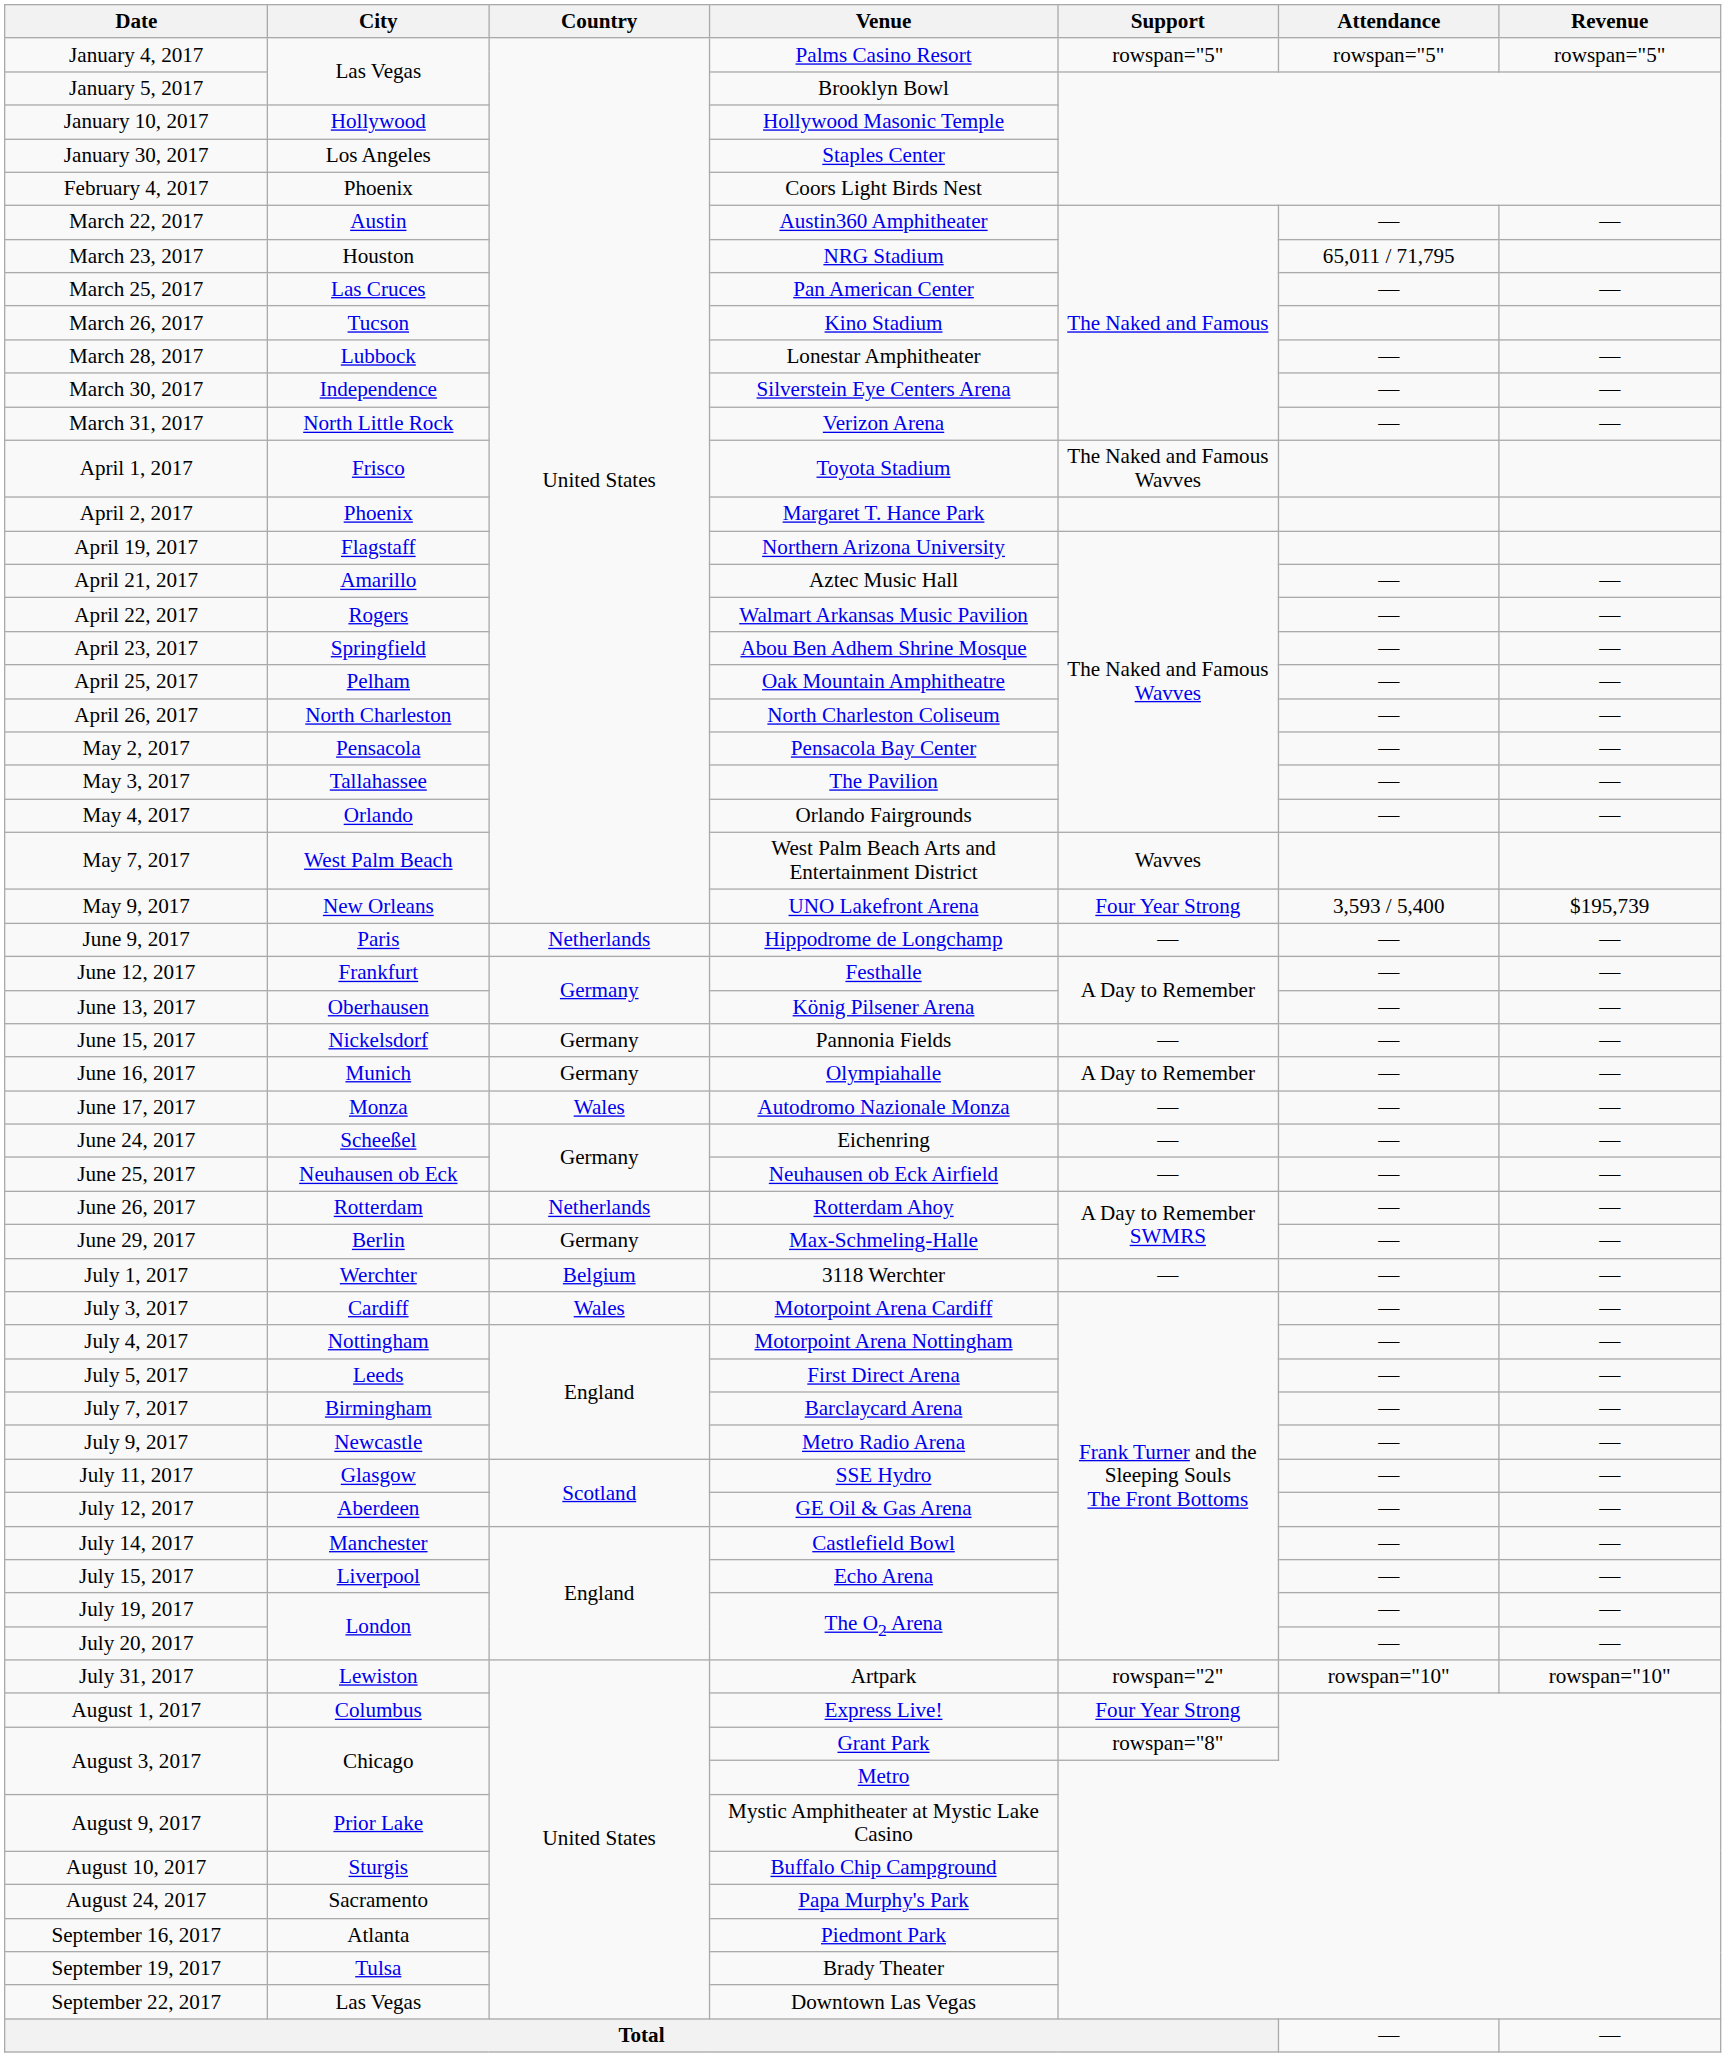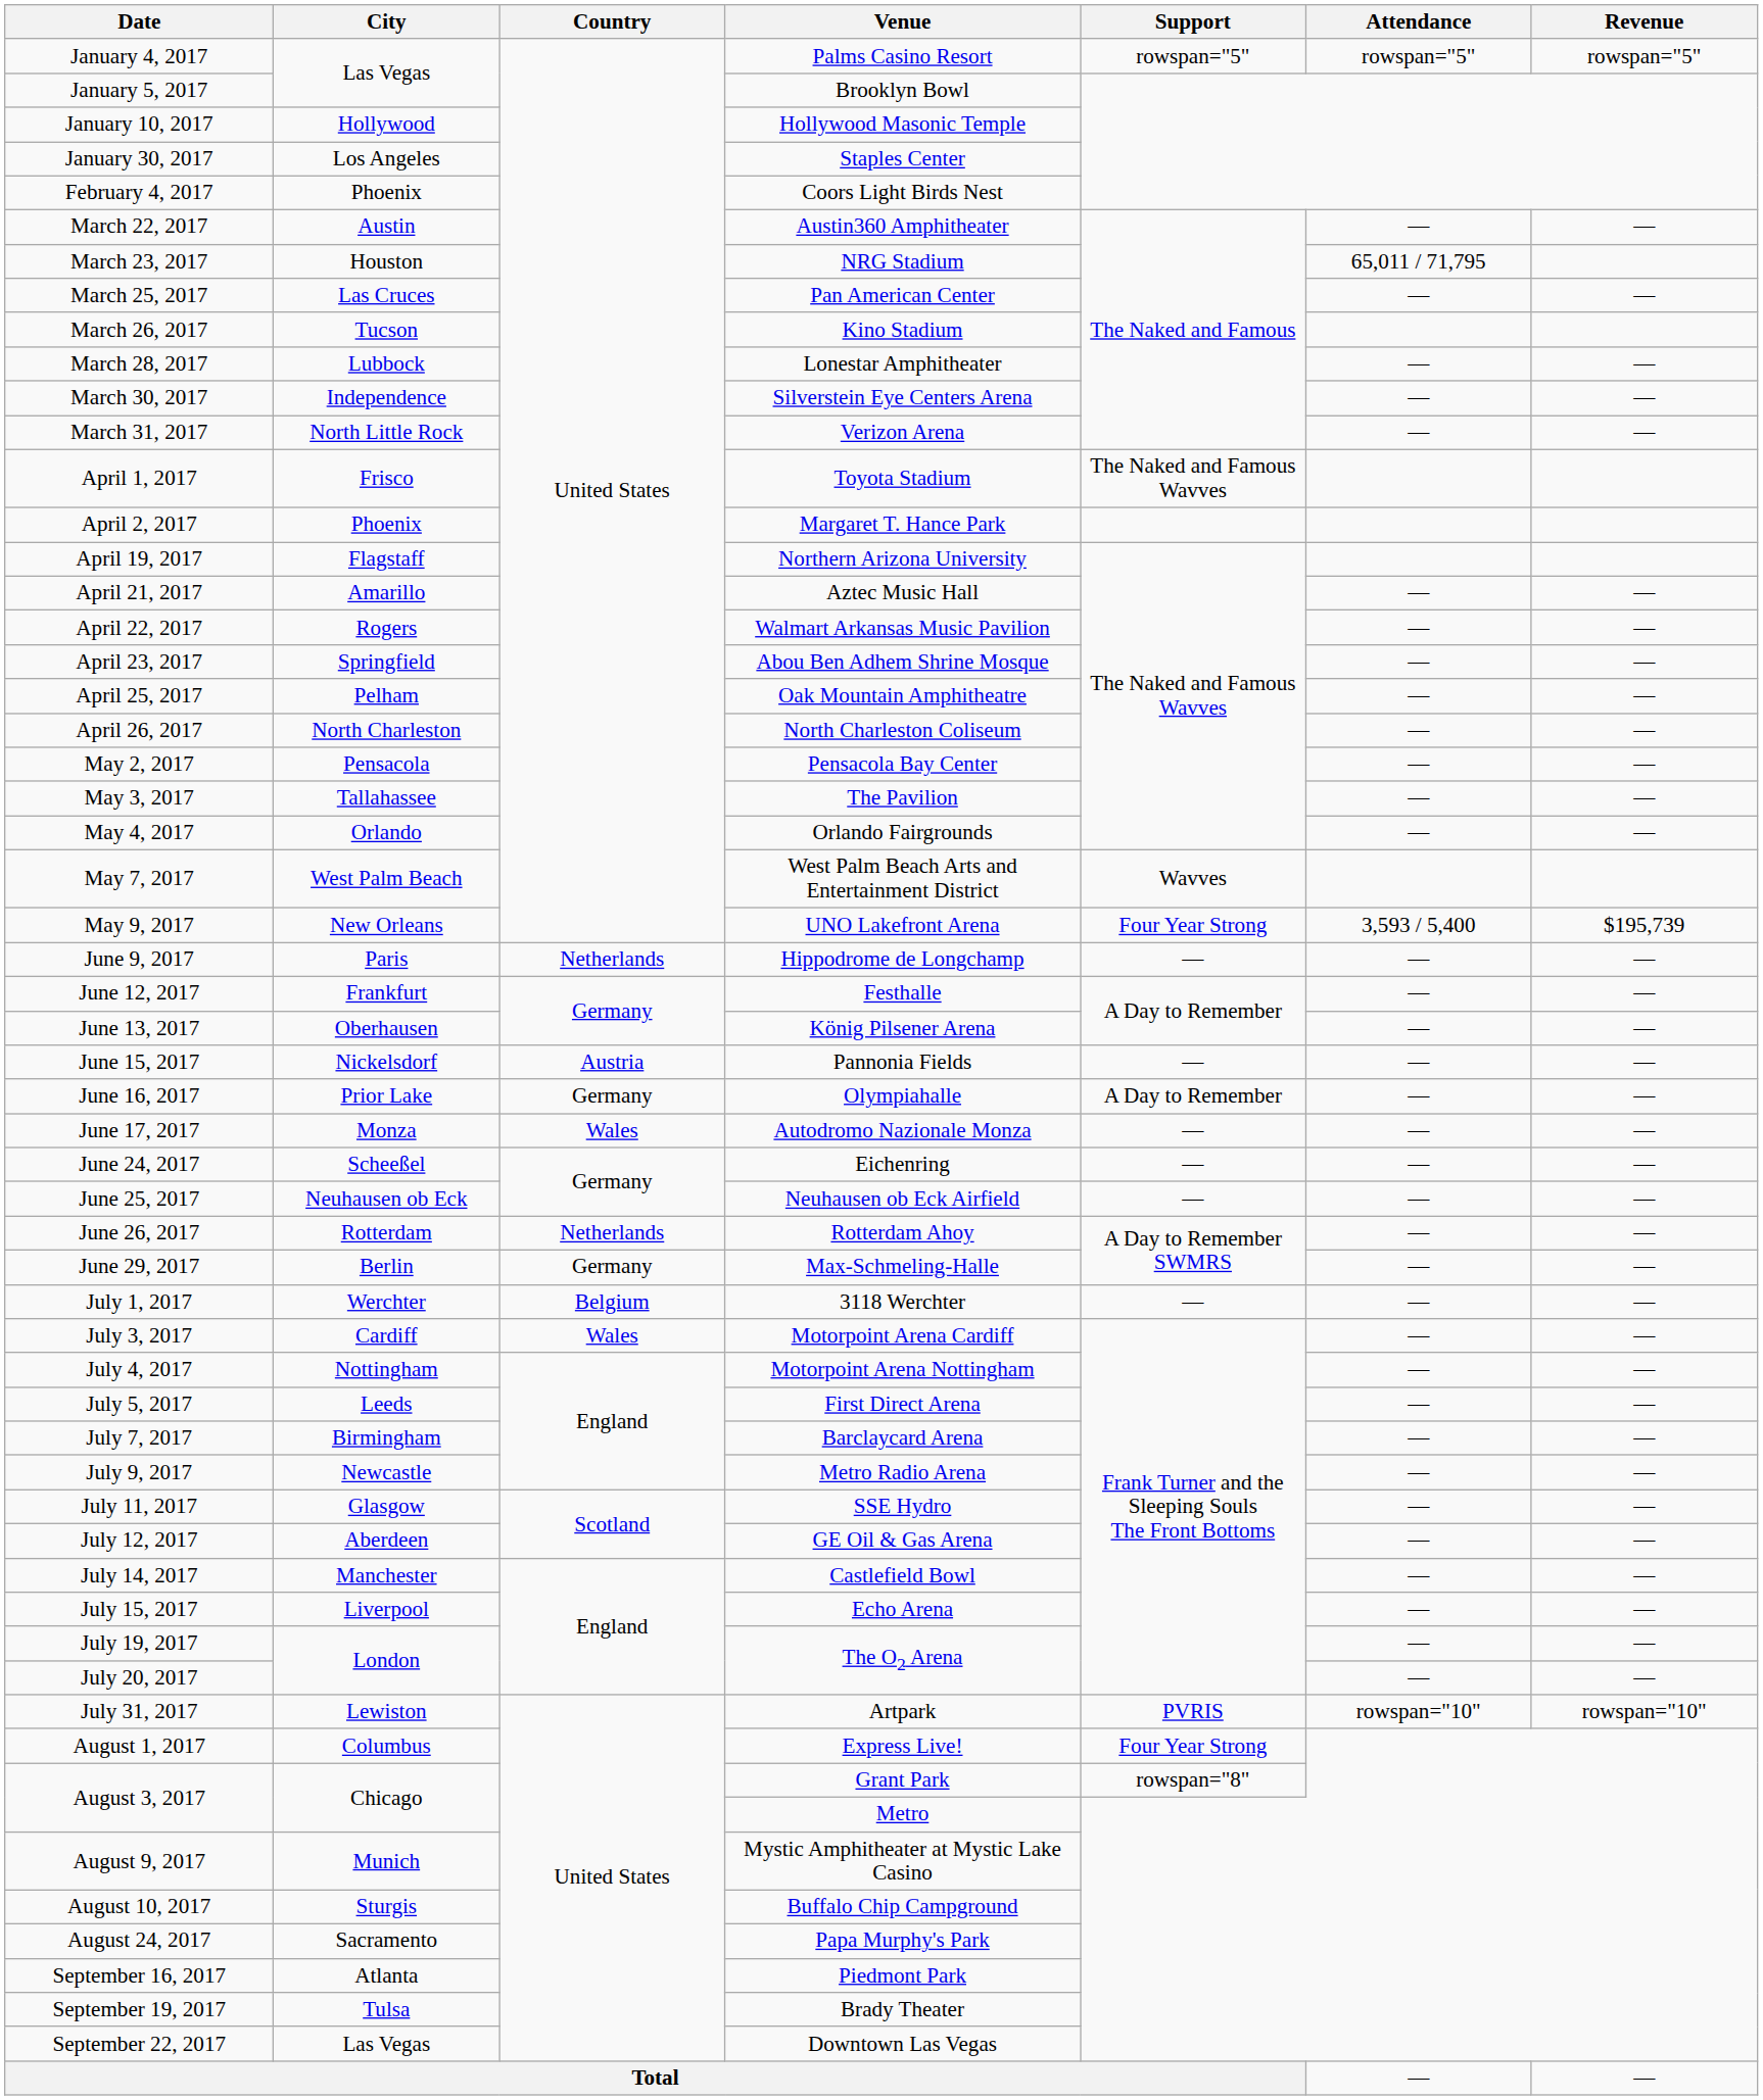 <table class="wikitable plainrowheaders" style="text-align:center;">
 <tr>
 <th scope="col" style="width:12em;">Date</th>
 <th scope="col" style="width:10em;">City</th>
 <th scope="col" style="width:10em;">Country</th>
 <th scope="col" style="width:16em;">Venue</th>
 <th scope="col" style="width:10em;">Support</th>
 <th scope="col" style="width:10em;">Attendance</th>
 <th scope="col" style="width:10em;">Revenue</th>
 </tr>
 <tr>
 <td>January 4, 2017</td>
 <td rowspan="2">Las Vegas</td>
 <td rowspan="25">United States</td>
 <td><a href='#'>Palms Casino Resort</a></td>
 <td>rowspan="5" </td>
 <td>rowspan="5" </td>
 <td>rowspan="5" </td>
 </tr>
 <tr>
 <td>January 5, 2017</td>
 <td>Brooklyn Bowl</td>
 </tr>
 <tr>
 <td>January 10, 2017</td>
 <td><a href='#'>Hollywood</a></td>
 <td><a href='#'>Hollywood Masonic Temple</a></td>
 </tr>
 <tr>
 <td>January 30, 2017</td>
 <td>Los Angeles</td>
 <td><a href='#'>Staples Center</a></td>
 </tr>
 <tr>
 <td>February 4, 2017</td>
 <td>Phoenix</td>
 <td>Coors Light Birds Nest</td>
 </tr>
 <tr>
 <td>March 22, 2017</td>
 <td><a href='#'>Austin</a></td>
 <td><a href='#'>Austin360 Amphitheater</a></td>
 <td rowspan="7"><a href='#'>The Naked and Famous</a></td>
 <td>—</td>
 <td>—</td>
 </tr>
 <tr>
 <td>March 23, 2017</td>
 <td>Houston</td>
 <td><a href='#'>NRG Stadium</a></td>
 <td>65,011 / 71,795</td>
 <td></td>
 </tr>
 <tr>
 <td>March 25, 2017</td>
 <td><a href='#'>Las Cruces</a></td>
 <td><a href='#'>Pan American Center</a></td>
 <td>—</td>
 <td>—</td>
 </tr>
 <tr>
 <td>March 26, 2017</td>
 <td><a href='#'>Tucson</a></td>
 <td><a href='#'>Kino Stadium</a></td>
 <td></td>
 <td></td>
 </tr>
 <tr>
 <td>March 28, 2017</td>
 <td><a href='#'>Lubbock</a></td>
 <td>Lonestar Amphitheater</td>
 <td>—</td>
 <td>—</td>
 </tr>
 <tr>
 <td>March 30, 2017</td>
 <td><a href='#'>Independence</a></td>
 <td><a href='#'>Silverstein Eye Centers Arena</a></td>
 <td>—</td>
 <td>—</td>
 </tr>
 <tr>
 <td>March 31, 2017</td>
 <td><a href='#'>North Little Rock</a></td>
 <td><a href='#'>Verizon Arena</a></td>
 <td>—</td>
 <td>—</td>
 </tr>
 <tr>
 <td>April 1, 2017</td>
 <td><a href='#'>Frisco</a></td>
 <td><a href='#'>Toyota Stadium</a></td>
 <td>The Naked and Famous<br>Wavves</td>
 <td></td>
 <td></td>
 </tr>
 <tr>
 <td>April 2, 2017</td>
 <td><a href='#'>Phoenix</a></td>
 <td><a href='#'>Margaret T. Hance Park</a></td>
 <td></td>
 <td></td>
 </tr>
 <tr>
 <td>April 19, 2017</td>
 <td><a href='#'>Flagstaff</a></td>
 <td><a href='#'>Northern Arizona University</a></td>
 <td rowspan="9">The Naked and Famous<br><a href='#'>Wavves</a></td>
 <td></td>
 <td></td>
 </tr>
 <tr>
 <td>April 21, 2017</td>
 <td><a href='#'>Amarillo</a></td>
 <td>Aztec Music Hall</td>
 <td>—</td>
 <td>—</td>
 </tr>
 <tr>
 <td>April 22, 2017</td>
 <td><a href='#'>Rogers</a></td>
 <td><a href='#'>Walmart Arkansas Music Pavilion</a></td>
 <td>—</td>
 <td>—</td>
 </tr>
 <tr>
 <td>April 23, 2017</td>
 <td><a href='#'>Springfield</a></td>
 <td><a href='#'>Abou Ben Adhem Shrine Mosque</a></td>
 <td>—</td>
 <td>—</td>
 </tr>
 <tr>
 <td>April 25, 2017</td>
 <td><a href='#'>Pelham</a></td>
 <td><a href='#'>Oak Mountain Amphitheatre</a></td>
 <td>—</td>
 <td>—</td>
 </tr>
 <tr>
 <td>April 26, 2017</td>
 <td><a href='#'>North Charleston</a></td>
 <td><a href='#'>North Charleston Coliseum</a></td>
 <td>—</td>
 <td>—</td>
 </tr>
 <tr>
 <td>May 2, 2017</td>
 <td><a href='#'>Pensacola</a></td>
 <td><a href='#'>Pensacola Bay Center</a></td>
 <td>—</td>
 <td>—</td>
 </tr>
 <tr>
 <td>May 3, 2017</td>
 <td><a href='#'>Tallahassee</a></td>
 <td><a href='#'>The Pavilion</a></td>
 <td>—</td>
 <td>—</td>
 </tr>
 <tr>
 <td>May 4, 2017</td>
 <td><a href='#'>Orlando</a></td>
 <td>Orlando Fairgrounds</td>
 <td>—</td>
 <td>—</td>
 </tr>
 <tr>
 <td>May 7, 2017</td>
 <td><a href='#'>West Palm Beach</a></td>
 <td>West Palm Beach Arts and Entertainment District</td>
 <td>Wavves</td>
 <td></td>
 <td></td>
 </tr>
 <tr>
 <td>May 9, 2017</td>
 <td><a href='#'>New Orleans</a></td>
 <td><a href='#'>UNO Lakefront Arena</a></td>
 <td><a href='#'>Four Year Strong</a></td>
 <td>3,593 / 5,400</td>
 <td>$195,739</td>
 </tr>
 <tr>
 <td>June 9, 2017</td>
 <td><a href='#'>Paris</a></td>
 <td><a href='#'>Netherlands</a></td>
 <td><a href='#'>Hippodrome de Longchamp</a></td>
 <td>—</td>
 <td>—</td>
 <td>—</td>
 </tr>
 <tr>
 <td>June 12, 2017</td>
 <td><a href='#'>Frankfurt</a></td>
 <td rowspan="2"><a href='#'>Germany</a></td>
 <td><a href='#'>Festhalle</a></td>
 <td rowspan="2">A Day to Remember</td>
 <td>—</td>
 <td>—</td>
 </tr>
 <tr>
 <td>June 13, 2017</td>
 <td><a href='#'>Oberhausen</a></td>
 <td><a href='#'>König Pilsener Arena</a></td>
 <td>—</td>
 <td>—</td>
 </tr>
 <tr>
 <td>June 15, 2017</td>
 <td><a href='#'>Nickelsdorf</a></td>
-<td>Germany</td>
+<td><a href='#'>Austria</a></td>
 <td>Pannonia Fields</td>
 <td>—</td>
 <td>—</td>
 <td>—</td>
 </tr>
 <tr>
 <td>June 16, 2017</td>
-<td><a href='#'>Munich</a></td>
+<td><a href='#'>Prior Lake</a></td>
 <td>Germany</td>
 <td><a href='#'>Olympiahalle</a></td>
 <td>A Day to Remember</td>
 <td>—</td>
 <td>—</td>
 </tr>
 <tr>
 <td>June 17, 2017</td>
 <td><a href='#'>Monza</a></td>
 <td><a href='#'>Wales</a></td>
 <td><a href='#'>Autodromo Nazionale Monza</a></td>
 <td>—</td>
 <td>—</td>
 <td>—</td>
 </tr>
 <tr>
 <td>June 24, 2017</td>
 <td><a href='#'>Scheeßel</a></td>
 <td rowspan="2">Germany</td>
 <td>Eichenring</td>
 <td>—</td>
 <td>—</td>
 <td>—</td>
 </tr>
 <tr>
 <td>June 25, 2017</td>
 <td><a href='#'>Neuhausen ob Eck</a></td>
 <td><a href='#'>Neuhausen ob Eck Airfield</a></td>
 <td>—</td>
 <td>—</td>
 <td>—</td>
 </tr>
 <tr>
 <td>June 26, 2017</td>
 <td><a href='#'>Rotterdam</a></td>
 <td><a href='#'>Netherlands</a></td>
 <td><a href='#'>Rotterdam Ahoy</a></td>
 <td rowspan="2">A Day to Remember<br><a href='#'>SWMRS</a></td>
 <td>—</td>
 <td>—</td>
 </tr>
 <tr>
 <td>June 29, 2017</td>
 <td><a href='#'>Berlin</a></td>
 <td>Germany</td>
 <td><a href='#'>Max-Schmeling-Halle</a></td>
 <td>—</td>
 <td>—</td>
 </tr>
 <tr>
 <td>July 1, 2017</td>
 <td><a href='#'>Werchter</a></td>
 <td><a href='#'>Belgium</a></td>
 <td>3118 Werchter</td>
 <td>—</td>
 <td>—</td>
 <td>—</td>
 </tr>
 <tr>
 <td>July 3, 2017</td>
 <td><a href='#'>Cardiff</a></td>
 <td><a href='#'>Wales</a></td>
 <td><a href='#'>Motorpoint Arena Cardiff</a></td>
 <td rowspan="11"><a href='#'>Frank Turner</a> and the Sleeping Souls<br><a href='#'>The Front Bottoms</a></td>
 <td>—</td>
 <td>—</td>
 </tr>
 <tr>
 <td>July 4, 2017</td>
 <td><a href='#'>Nottingham</a></td>
 <td rowspan="4">England</td>
 <td><a href='#'>Motorpoint Arena Nottingham</a></td>
 <td>—</td>
 <td>—</td>
 </tr>
 <tr>
 <td>July 5, 2017</td>
 <td><a href='#'>Leeds</a></td>
 <td><a href='#'>First Direct Arena</a></td>
 <td>—</td>
 <td>—</td>
 </tr>
 <tr>
 <td>July 7, 2017</td>
 <td><a href='#'>Birmingham</a></td>
 <td><a href='#'>Barclaycard Arena</a></td>
 <td>—</td>
 <td>—</td>
 </tr>
 <tr>
 <td>July 9, 2017</td>
 <td><a href='#'>Newcastle</a></td>
 <td><a href='#'>Metro Radio Arena</a></td>
 <td>—</td>
 <td>—</td>
 </tr>
 <tr>
 <td>July 11, 2017</td>
 <td><a href='#'>Glasgow</a></td>
 <td rowspan="2"><a href='#'>Scotland</a></td>
 <td><a href='#'>SSE Hydro</a></td>
 <td>—</td>
 <td>—</td>
 </tr>
 <tr>
 <td>July 12, 2017</td>
 <td><a href='#'>Aberdeen</a></td>
 <td><a href='#'>GE Oil & Gas Arena</a></td>
 <td>—</td>
 <td>—</td>
 </tr>
 <tr>
 <td>July 14, 2017</td>
 <td><a href='#'>Manchester</a></td>
 <td rowspan="4">England</td>
 <td><a href='#'>Castlefield Bowl</a></td>
 <td>—</td>
 <td>—</td>
 </tr>
 <tr>
 <td>July 15, 2017</td>
 <td><a href='#'>Liverpool</a></td>
 <td><a href='#'>Echo Arena</a></td>
 <td>—</td>
 <td>—</td>
 </tr>
 <tr>
 <td>July 19, 2017</td>
 <td rowspan="2"><a href='#'>London</a></td>
 <td rowspan="2"><a href='#'>The O<sub>2</sub> Arena</a></td>
 <td>—</td>
 <td>—</td>
 </tr>
 <tr>
 <td>July 20, 2017</td>
 <td>—</td>
 <td>—</td>
 </tr>
 <tr>
 <td>July 31, 2017</td>
 <td><a href='#'>Lewiston</a></td>
 <td rowspan="10">United States</td>
 <td>Artpark</td>
-<td>rowspan="2" </td>
+<td><a href='#'>PVRIS</a></td>
 <td>rowspan="10" </td>
 <td>rowspan="10" </td>
 </tr>
 <tr>
 <td>August 1, 2017</td>
 <td><a href='#'>Columbus</a></td>
 <td><a href='#'>Express Live!</a></td>
 <td><a href='#'>Four Year Strong</a></td>
 </tr>
 <tr>
 <td rowspan="2">August 3, 2017</td>
 <td rowspan="2">Chicago</td>
 <td><a href='#'>Grant Park</a></td>
 <td>rowspan="8" </td>
 </tr>
 <tr>
 <td><a href='#'>Metro</a></td>
 </tr>
 <tr>
 <td>August 9, 2017</td>
-<td><a href='#'>Prior Lake</a></td>
+<td><a href='#'>Munich</a></td>
 <td>Mystic Amphitheater at Mystic Lake Casino</td>
 </tr>
 <tr>
 <td>August 10, 2017</td>
 <td><a href='#'>Sturgis</a></td>
 <td><a href='#'>Buffalo Chip Campground</a></td>
 </tr>
 <tr>
 <td>August 24, 2017</td>
 <td>Sacramento</td>
 <td><a href='#'>Papa Murphy's Park</a></td>
 </tr>
 <tr>
 <td>September 16, 2017</td>
 <td>Atlanta</td>
 <td><a href='#'>Piedmont Park</a></td>
 </tr>
 <tr>
 <td>September 19, 2017</td>
 <td><a href='#'>Tulsa</a></td>
 <td>Brady Theater</td>
 </tr>
 <tr>
 <td>September 22, 2017</td>
 <td>Las Vegas</td>
 <td>Downtown Las Vegas</td>
 </tr>
 <tr>
 <th colspan="5"><strong>Total</strong></th>
 <td>—</td>
 <td>—</td>
 </tr>
 </table>
